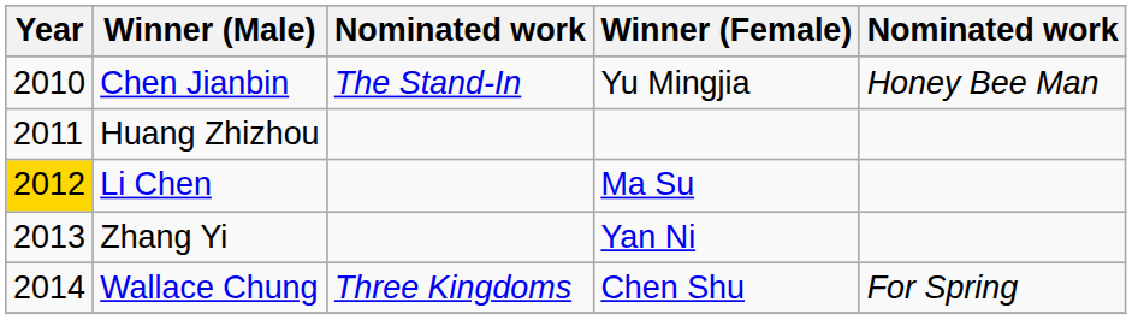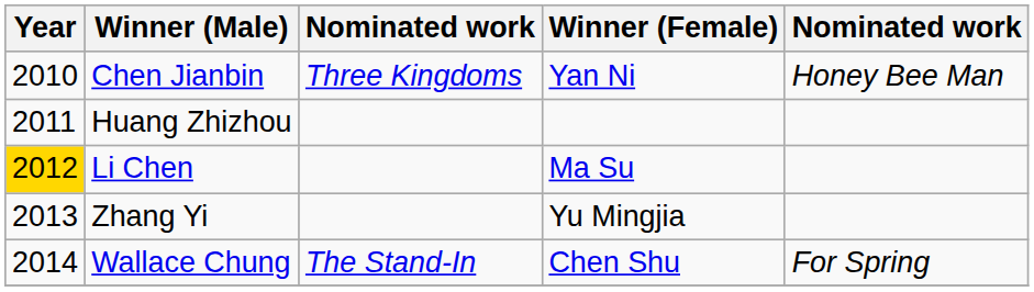 <table class="wikitable">
 <tr>
 <th>Year</th>
 <th>Winner (Male)</th>
 <th>Nominated work</th>
 <th>Winner (Female)</th>
 <th>Nominated work</th>
 </tr>
 <tr>
 <td>2010</td>
 <td><a href='#'>Chen Jianbin</a></td>
-<td><em><a href='#'>The Stand-In</a></em></td>
-<td>Yu Mingjia</td>
+<td><em><a href='#'>Three Kingdoms</a></em></td>
+<td><a href='#'>Yan Ni</a></td>
 <td><em>Honey Bee Man</em></td>
 </tr>
 <tr>
 <td>2011</td>
 <td>Huang Zhizhou</td>
 <td></td>
 <td></td>
 <td></td>
 </tr>
 <tr>
 <td style="background: gold;">2012</td>
 <td><a href='#'>Li Chen</a></td>
 <td></td>
 <td><a href='#'>Ma Su</a></td>
 <td></td>
 </tr>
 <tr>
 <td>2013</td>
 <td>Zhang Yi</td>
 <td></td>
-<td><a href='#'>Yan Ni</a></td>
+<td>Yu Mingjia</td>
 <td></td>
 </tr>
 <tr>
 <td>2014</td>
 <td><a href='#'>Wallace Chung</a></td>
-<td><em><a href='#'>Three Kingdoms</a></em></td>
+<td><em><a href='#'>The Stand-In</a></em></td>
 <td><a href='#'>Chen Shu</a></td>
 <td><em>For Spring</em></td>
 </tr>
 <tr>
 </tr>
 </table>
